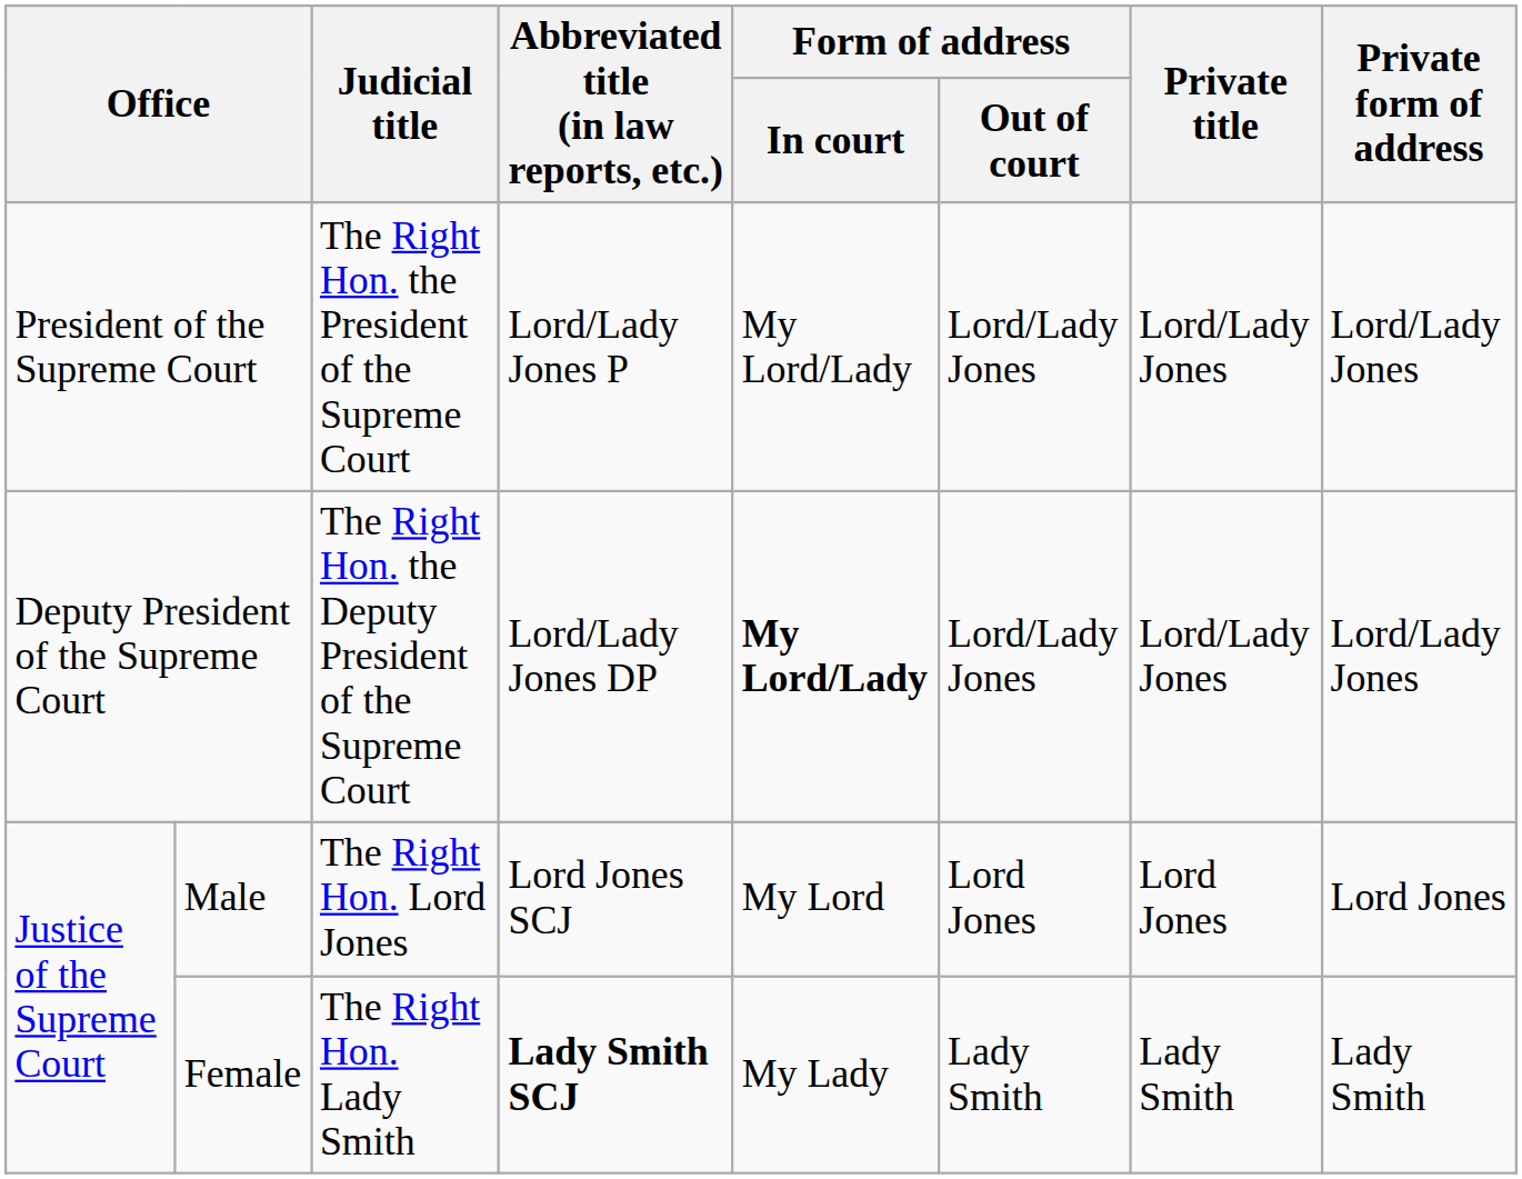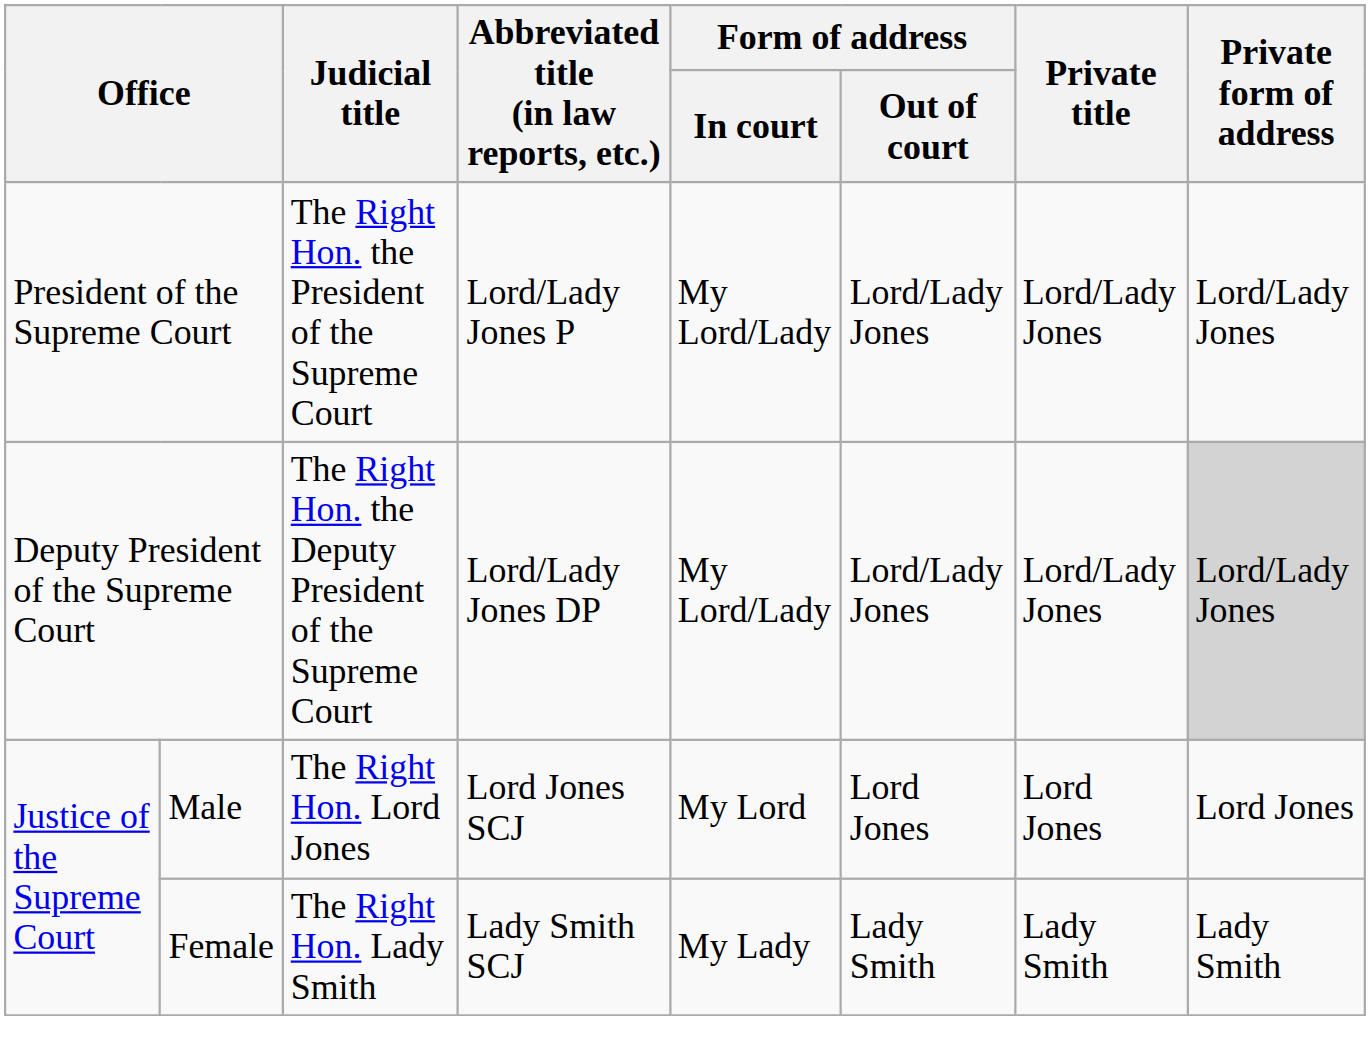 <table class="wikitable">
 <tr>
 <th rowspan=2 colspan=2>Office</th>
 <th rowspan=2>Judicial title</th>
 <th rowspan=2>Abbreviated title <br>(in law reports, etc.)</th>
 <th colspan=2>Form of address</th>
 <th rowspan=2>Private title</th>
 <th rowspan=2>Private form of address</th>
 </tr>
 <tr>
 <th>In court</th>
 <th>Out of court</th>
 </tr>
 <tr>
 <td colspan=2>President of the Supreme Court</td>
 <td>The <a href='#'>Right Hon.</a> the President of the Supreme Court</td>
 <td>Lord/Lady Jones P</td>
 <td>My Lord/Lady</td>
 <td>Lord/Lady Jones</td>
 <td>Lord/Lady Jones</td>
 <td>Lord/Lady Jones</td>
 </tr>
 <tr>
 <td colspan=2>Deputy President of the Supreme Court</td>
 <td>The <a href='#'>Right Hon.</a> the Deputy President of the Supreme Court</td>
 <td>Lord/Lady Jones DP</td>
-<td><strong>My Lord/Lady</strong></td>
+<td>My Lord/Lady</td>
 <td>Lord/Lady Jones</td>
 <td>Lord/Lady Jones</td>
-<td>Lord/Lady Jones</td>
+<td style="background: lightgrey;">Lord/Lady Jones</td>
 </tr>
 <tr>
 <td rowspan=2><a href='#'>Justice of the Supreme Court</a></td>
 <td>Male</td>
 <td>The <a href='#'>Right Hon.</a> Lord Jones</td>
 <td>Lord Jones SCJ</td>
 <td>My Lord</td>
 <td>Lord Jones</td>
 <td>Lord Jones</td>
 <td>Lord Jones</td>
 </tr>
 <tr>
 <td>Female</td>
 <td>The <a href='#'>Right Hon.</a> Lady Smith</td>
-<td><strong>Lady Smith SCJ</strong></td>
+<td>Lady Smith SCJ</td>
 <td>My Lady</td>
 <td>Lady Smith</td>
 <td>Lady Smith</td>
 <td>Lady Smith</td>
 </tr>
 </table>
